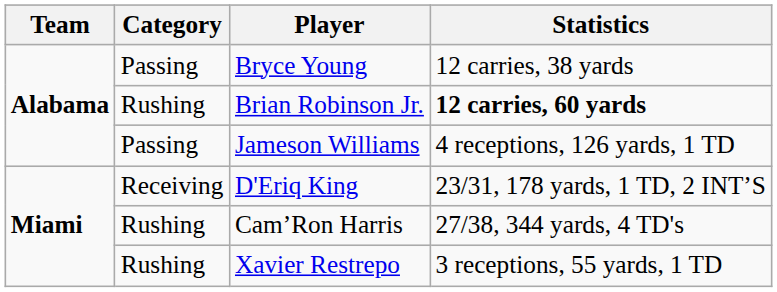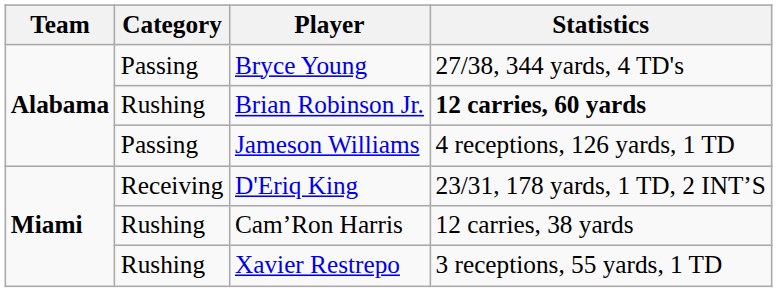 <table class="wikitable" style="float: right;">
 <tr>
 <th>Team</th>
 <th>Category</th>
 <th>Player</th>
 <th>Statistics</th>
 </tr>
 <tr>
 <td rowspan=3><strong>Alabama</strong></td>
 <td>Passing</td>
 <td><a href='#'>Bryce Young</a></td>
-<td>12 carries, 38 yards</td>
+<td>27/38, 344 yards, 4 TD's</td>
 </tr>
 <tr>
 <td>Rushing</td>
 <td><a href='#'>Brian Robinson Jr.</a></td>
 <td><strong>12 carries, 60 yards</strong></td>
 </tr>
 <tr>
 <td>Passing</td>
 <td><a href='#'>Jameson Williams</a></td>
 <td>4 receptions, 126 yards, 1 TD</td>
 </tr>
 <tr>
 <td rowspan=3><strong>Miami</strong></td>
 <td>Receiving</td>
 <td><a href='#'>D'Eriq King</a></td>
 <td>23/31, 178 yards, 1 TD, 2 INT’S</td>
 </tr>
 <tr>
 <td>Rushing</td>
 <td>Cam’Ron Harris</td>
-<td>27/38, 344 yards, 4 TD's</td>
+<td>12 carries, 38 yards</td>
 </tr>
 <tr>
 <td>Rushing</td>
 <td><a href='#'>Xavier Restrepo</a></td>
 <td>3 receptions, 55 yards, 1 TD</td>
 </tr>
 </table>
